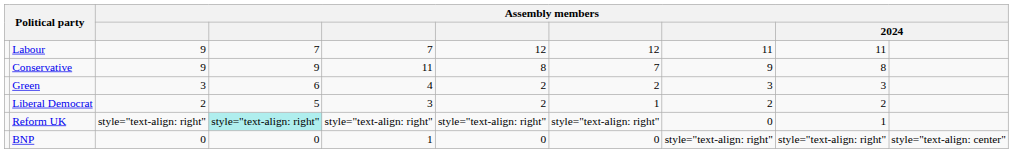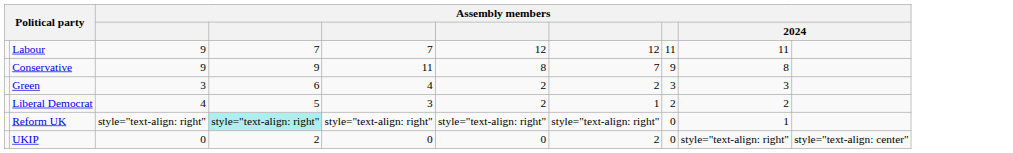 <table class="wikitable">
 <tr>
 <th colspan=2 rowspan=2>Political party</th>
 <th colspan="8">Assembly members</th>
 </tr>
 <tr>
 <th></th>
 <th></th>
 <th></th>
 <th></th>
 <th></th>
 <th></th>
 <th colspan="2">2024</th>
 </tr>
 <tr>
 <td></td>
 <td><a href='#'>Labour</a></td>
 <td style="text-align: right">9</td>
 <td style="text-align: right">7</td>
 <td style="text-align: right">7</td>
 <td style="text-align: right">12</td>
 <td style="text-align: right">12</td>
 <td style="text-align: right">11</td>
 <td style="text-align: right">11</td>
 <td></td>
 </tr>
 <tr>
 <td></td>
 <td><a href='#'>Conservative</a></td>
 <td style="text-align: right">9</td>
 <td style="text-align: right">9</td>
 <td style="text-align: right">11</td>
 <td style="text-align: right">8</td>
 <td style="text-align: right">7</td>
 <td style="text-align: right">9</td>
 <td style="text-align: right">8</td>
 <td></td>
 </tr>
 <tr>
 <td></td>
 <td><a href='#'>Green</a></td>
 <td style="text-align: right">3</td>
 <td style="text-align: right">6</td>
 <td style="text-align: right">4</td>
 <td style="text-align: right">2</td>
 <td style="text-align: right">2</td>
 <td style="text-align: right">3</td>
 <td style="text-align: right">3</td>
 <td></td>
 </tr>
 <tr>
 <td></td>
 <td><a href='#'>Liberal Democrat</a></td>
-<td style="text-align: right">2</td>
+<td style="text-align: right">4</td>
 <td style="text-align: right">5</td>
 <td style="text-align: right">3</td>
 <td style="text-align: right">2</td>
 <td style="text-align: right">1</td>
 <td style="text-align: right">2</td>
 <td style="text-align: right">2</td>
 <td></td>
 </tr>
 <tr>
 <td></td>
 <td><a href='#'>Reform UK</a></td>
 <td>style="text-align: right"  </td>
 <td style="background: paleturquoise;">style="text-align: right"  </td>
 <td>style="text-align: right"  </td>
 <td>style="text-align: right"  </td>
 <td>style="text-align: right"  </td>
 <td style="text-align: right">0</td>
 <td style="text-align: right">1</td>
 <td></td>
 </tr>
 <tr>
 <td></td>
-<td><a href='#'>BNP</a></td>
+<td><a href='#'>UKIP</a></td>
+<td style="text-align: right">0</td>
+<td style="text-align: right">2</td>
 <td style="text-align: right">0</td>
 <td style="text-align: right">0</td>
-<td style="text-align: right">1</td>
+<td style="text-align: right">2</td>
 <td style="text-align: right">0</td>
-<td style="text-align: right">0</td>
-<td>style="text-align: right"  </td>
 <td>style="text-align: right"  </td>
 <td>style="text-align: center" </td>
 </tr>
 </table>
